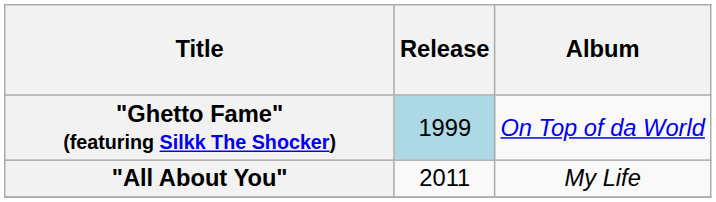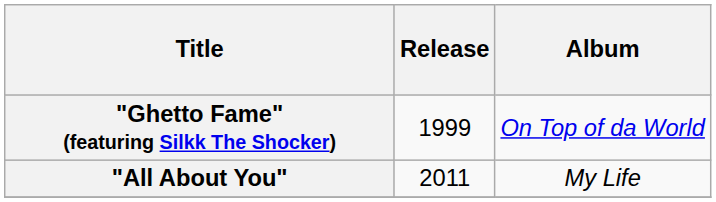 <table class="wikitable plainrowheaders" style="text-align:center;">
 <tr>
 <th scope="col" rowspan="1" style="width:16em;"><br>Title<br><br></th>
 <th scope="col" rowspan="1">Release</th>
 <th scope="col" rowspan="1">Album</th>
 </tr>
 <tr>
 <th scope="row">"Ghetto Fame"<br><small>(featuring <a href='#'>Silkk The Shocker</a>)</small></th>
-<td style="background: lightblue;">1999</td>
+<td>1999</td>
 <td><em><a href='#'>On Top of da World</a></em></td>
 </tr>
 <tr>
 <th scope="row">"All About You"</th>
 <td>2011</td>
 <td><em>My Life</em></td>
 </tr>
 <tr>
 </tr>
 </table>
